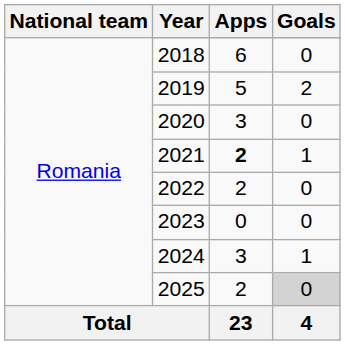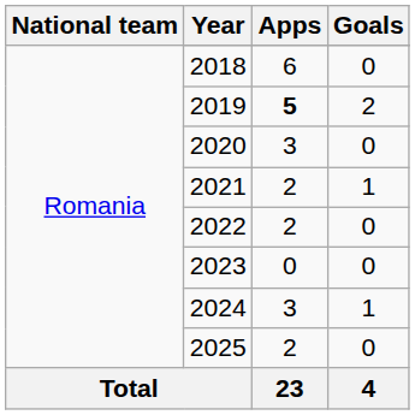 <table class="wikitable" style="text-align:center">
 <tr>
 <th>National team</th>
 <th>Year</th>
 <th>Apps</th>
 <th>Goals</th>
 </tr>
 <tr>
 <td rowspan="9"><a href='#'>Romania</a></td>
 </tr>
 <tr>
 <td>2018</td>
 <td>6</td>
 <td>0</td>
 </tr>
 <tr>
 <td>2019</td>
-<td>5</td>
+<td><strong>5</strong></td>
 <td>2</td>
 </tr>
 <tr>
 <td>2020</td>
 <td>3</td>
 <td>0</td>
 </tr>
 <tr>
 <td>2021</td>
-<td><strong>2</strong></td>
+<td>2</td>
 <td>1</td>
 </tr>
 <tr>
 <td>2022</td>
 <td>2</td>
 <td>0</td>
 </tr>
 <tr>
 <td>2023</td>
 <td>0</td>
 <td>0</td>
 </tr>
 <tr>
 <td>2024</td>
 <td>3</td>
 <td>1</td>
 </tr>
 <tr>
 <td>2025</td>
 <td>2</td>
-<td style="background: lightgrey;">0</td>
+<td>0</td>
 </tr>
 <tr>
 <th colspan=2>Total</th>
 <th>23</th>
 <th>4</th>
 </tr>
 </table>
